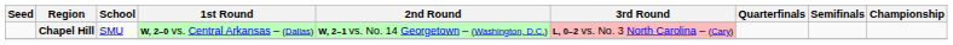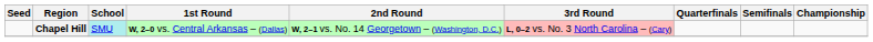 <table class="sortable wikitable" style="white-space:nowrap; font-size:90%;">
 <tr>
 <th>Seed</th>
 <th>Region</th>
 <th>School</th>
 <th>1st Round</th>
 <th>2nd Round</th>
 <th>3rd Round</th>
 <th>Quarterfinals</th>
 <th>Semifinals</th>
 <th>Championship</th>
 </tr>
 <tr>
 <td></td>
 <th>Chapel Hill</th>
-<td><a href='#'>SMU</a></td>
+<td style="background: paleturquoise;"><a href='#'>SMU</a></td>
 <td style="background:#BFB"><small><strong>W, 2–0</strong></small> vs. <a href='#'>Central Arkansas</a> – <small>(<a href='#'>Dallas</a>)</small></td>
 <td style="background:#BFB"><small><strong>W, 2–1 </strong></small> vs. No. 14 <a href='#'>Georgetown</a> – <small>(<a href='#'>Washington, D.C.</a>)</small></td>
 <td style="background:#FBB"><small><strong>L, 0–2</strong></small> vs. No. 3 <a href='#'>North Carolina</a> – <small>(<a href='#'>Cary</a>)</small></td>
 <td></td>
 <td></td>
 <td></td>
 </tr>
 <tr>
 </tr>
 </table>
